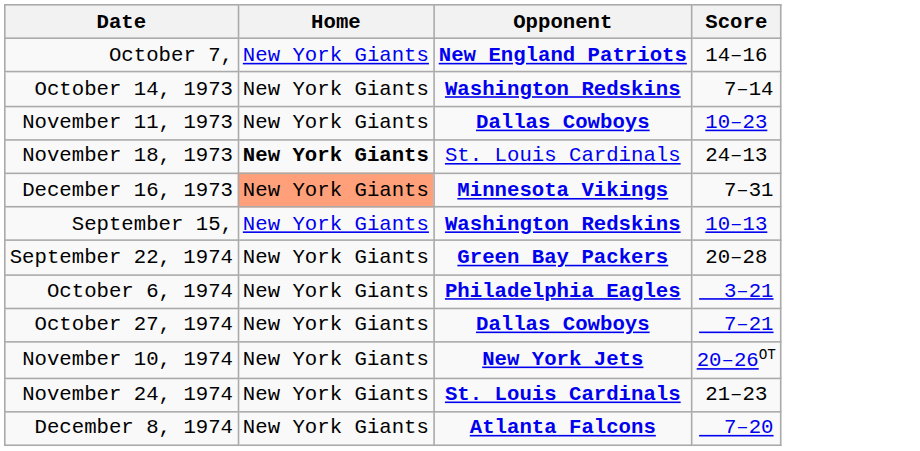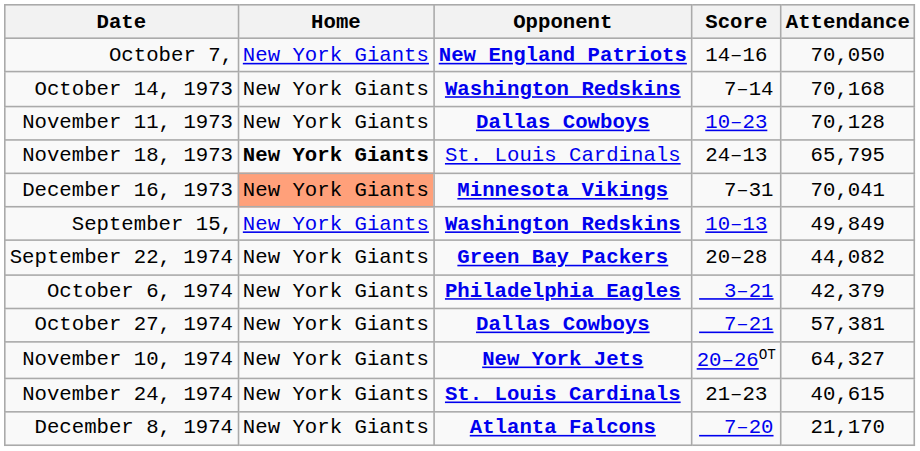 <table class="wikitable"  style="text-align:left; text-align:center;">
 <tr>
 <th style="text-align:center; ">Date</th>
 <th style="text-align:center; ">Home</th>
 <th style="text-align:center; ">Opponent</th>
 <th style="text-align:center; ">Score</th>
+<th style="text-align:center; ">Attendance</th>
 </tr>
 <tr>
 <td align=right>October 7, </td>
 <td><a href='#'>New York Giants</a></td>
 <td><strong><a href='#'>New England Patriots</a></strong></td>
 <td>14–16</td>
+<td>70,050</td>
 </tr>
 <tr>
 <td align=right>October 14, 1973</td>
 <td>New York Giants</td>
 <td><strong><a href='#'>Washington Redskins</a></strong></td>
 <td>  7–14</td>
+<td>70,168</td>
 </tr>
 <tr>
 <td align=right>November 11, 1973</td>
 <td>New York Giants</td>
 <td><strong><a href='#'>Dallas Cowboys</a></strong></td>
 <td><a href='#'>10–23</a></td>
+<td>70,128</td>
 </tr>
 <tr>
 <td align=right>November 18, 1973</td>
 <td><strong>New York Giants</strong></td>
 <td><a href='#'>St. Louis Cardinals</a></td>
 <td>24–13</td>
+<td>65,795</td>
 </tr>
 <tr>
 <td align=right>December 16, 1973</td>
 <td style="background: lightsalmon;">New York Giants</td>
 <td><strong><a href='#'>Minnesota Vikings</a></strong></td>
 <td>  7–31</td>
+<td>70,041</td>
 </tr>
 <tr>
 <td align=right>September 15, </td>
 <td><a href='#'>New York Giants</a></td>
 <td><strong><a href='#'>Washington Redskins</a></strong></td>
 <td><a href='#'>10–13</a></td>
+<td>49,849</td>
 </tr>
 <tr>
 <td align=right>September 22, 1974</td>
 <td>New York Giants</td>
 <td><strong><a href='#'>Green Bay Packers</a></strong></td>
 <td>20–28</td>
+<td>44,082</td>
 </tr>
 <tr>
 <td align=right>October 6, 1974</td>
 <td>New York Giants</td>
 <td><strong><a href='#'>Philadelphia Eagles</a></strong></td>
 <td><a href='#'>  3–21</a></td>
+<td>42,379</td>
 </tr>
 <tr>
 <td align=right>October 27, 1974</td>
 <td>New York Giants</td>
 <td><strong><a href='#'>Dallas Cowboys</a></strong></td>
 <td><a href='#'>  7–21</a></td>
+<td>57,381</td>
 </tr>
 <tr>
 <td align=right>November 10, 1974</td>
 <td>New York Giants</td>
 <td><strong><a href='#'>New York Jets</a></strong></td>
 <td><a href='#'>20–26</a><small><sup>OT</sup></small></td>
+<td>64,327</td>
 </tr>
 <tr>
 <td align=right>November 24, 1974</td>
 <td>New York Giants</td>
 <td><strong><a href='#'>St. Louis Cardinals</a></strong></td>
 <td>21–23</td>
+<td>40,615</td>
 </tr>
 <tr>
 <td align=right>December 8, 1974</td>
 <td>New York Giants</td>
 <td><strong><a href='#'>Atlanta Falcons</a></strong></td>
 <td><a href='#'>  7–20</a></td>
+<td>21,170</td>
 </tr>
 </table>
